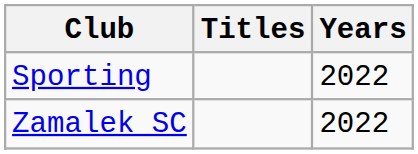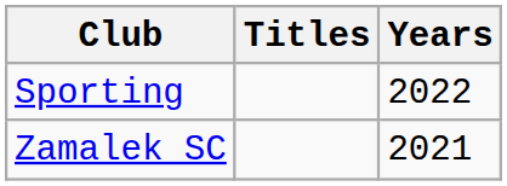 <table class="wikitable">
 <tr>
 <th>Club</th>
 <th>Titles</th>
 <th>Years</th>
 </tr>
 <tr>
 <td><a href='#'>Sporting</a></td>
 <td></td>
 <td>2022</td>
 </tr>
 <tr>
 <td><a href='#'>Zamalek SC</a></td>
 <td></td>
-<td>2022<br> </td>
+<td>2021<br> </td>
 </tr>
 </table>
